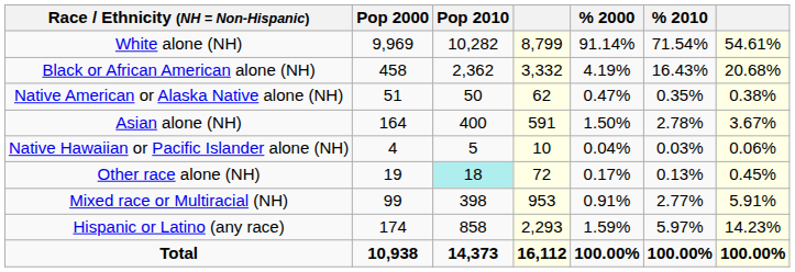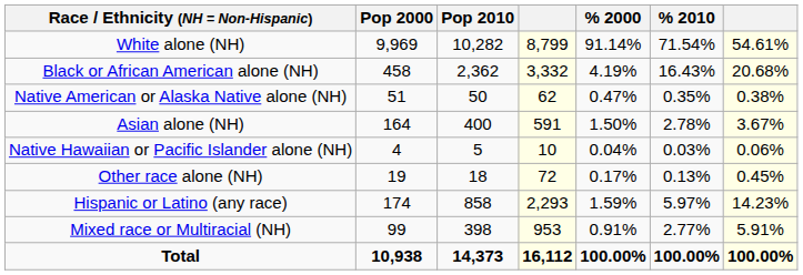 <table class="wikitable" style="text-align:center;">
 <tr>
 <th>Race / Ethnicity <small>(<em>NH = Non-Hispanic</em>)</small></th>
 <th>Pop 2000</th>
 <th>Pop 2010</th>
 <th></th>
 <th>% 2000</th>
 <th>% 2010</th>
 <th></th>
 </tr>
 <tr>
 <td><a href='#'>White</a> alone (NH)</td>
 <td>9,969</td>
 <td>10,282</td>
 <td style='background: #ffffe6;'>8,799</td>
 <td>91.14%</td>
 <td>71.54%</td>
 <td style='background: #ffffe6;'>54.61%</td>
 </tr>
 <tr>
 <td><a href='#'>Black or African American</a> alone (NH)</td>
 <td>458</td>
 <td>2,362</td>
 <td style='background: #ffffe6;'>3,332</td>
 <td>4.19%</td>
 <td>16.43%</td>
 <td style='background: #ffffe6;'>20.68%</td>
 </tr>
 <tr>
 <td><a href='#'>Native American</a> or <a href='#'>Alaska Native</a> alone (NH)</td>
 <td>51</td>
 <td>50</td>
 <td style='background: #ffffe6;'>62</td>
 <td>0.47%</td>
 <td>0.35%</td>
 <td style='background: #ffffe6;'>0.38%</td>
 </tr>
 <tr>
 <td><a href='#'>Asian</a> alone (NH)</td>
 <td>164</td>
 <td>400</td>
 <td style='background: #ffffe6;'>591</td>
 <td>1.50%</td>
 <td>2.78%</td>
 <td style='background: #ffffe6;'>3.67%</td>
 </tr>
 <tr>
 <td><a href='#'>Native Hawaiian</a> or <a href='#'>Pacific Islander</a> alone (NH)</td>
 <td>4</td>
 <td>5</td>
 <td style='background: #ffffe6;'>10</td>
 <td>0.04%</td>
 <td>0.03%</td>
 <td style='background: #ffffe6;'>0.06%</td>
 </tr>
 <tr>
 <td><a href='#'>Other race</a> alone (NH)</td>
 <td>19</td>
-<td style="background: paleturquoise;">18</td>
+<td>18</td>
 <td style='background: #ffffe6;'>72</td>
 <td>0.17%</td>
 <td>0.13%</td>
 <td style='background: #ffffe6;'>0.45%</td>
+</tr>
+<tr>
+<td><a href='#'>Hispanic or Latino</a> (any race)</td>
+<td>174</td>
+<td>858</td>
+<td style='background: #ffffe6;'>2,293</td>
+<td>1.59%</td>
+<td>5.97%</td>
+<td style='background: #ffffe6;'>14.23%</td>
 </tr>
 <tr>
 <td><a href='#'>Mixed race or Multiracial</a> (NH)</td>
 <td>99</td>
 <td>398</td>
 <td style='background: #ffffe6;'>953</td>
 <td>0.91%</td>
 <td>2.77%</td>
 <td style='background: #ffffe6;'>5.91%</td>
 </tr>
 <tr>
-<td><a href='#'>Hispanic or Latino</a> (any race)</td>
-<td>174</td>
-<td>858</td>
-<td style='background: #ffffe6;'>2,293</td>
-<td>1.59%</td>
-<td>5.97%</td>
-<td style='background: #ffffe6;'>14.23%</td>
-</tr>
-<tr>
 <td><strong>Total</strong></td>
 <td><strong>10,938</strong></td>
 <td><strong>14,373</strong></td>
 <td style='background: #ffffe6;'><strong>16,112</strong></td>
 <td><strong>100.00%</strong></td>
 <td><strong>100.00%</strong></td>
 <td style='background: #ffffe6;'><strong>100.00%</strong></td>
 </tr>
 </table>
